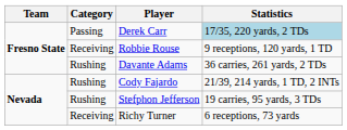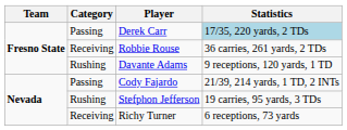 <table class="wikitable" style="float: left;">
 <tr>
 <th>Team</th>
 <th>Category</th>
 <th>Player</th>
 <th>Statistics</th>
 </tr>
 <tr>
 <td rowspan=3><strong>Fresno State</strong></td>
 <td>Passing</td>
 <td><a href='#'>Derek Carr</a></td>
 <td style="background: lightblue;">17/35, 220 yards, 2 TDs</td>
 </tr>
 <tr>
 <td>Receiving</td>
 <td><a href='#'>Robbie Rouse</a></td>
-<td>9 receptions, 120 yards, 1 TD</td>
+<td>36 carries, 261 yards, 2 TDs</td>
 </tr>
 <tr>
 <td>Rushing</td>
 <td><a href='#'>Davante Adams</a></td>
-<td>36 carries, 261 yards, 2 TDs</td>
+<td>9 receptions, 120 yards, 1 TD</td>
 </tr>
 <tr>
 <td rowspan=3><strong>Nevada</strong></td>
-<td>Rushing</td>
+<td>Passing</td>
 <td><a href='#'>Cody Fajardo</a></td>
 <td>21/39, 214 yards, 1 TD, 2 INTs</td>
 </tr>
 <tr>
 <td>Rushing</td>
 <td><a href='#'>Stefphon Jefferson</a></td>
 <td>19 carries, 95 yards, 3 TDs</td>
 </tr>
 <tr>
 <td>Receiving</td>
 <td>Richy Turner</td>
 <td>6 receptions, 73 yards</td>
 </tr>
 </table>
